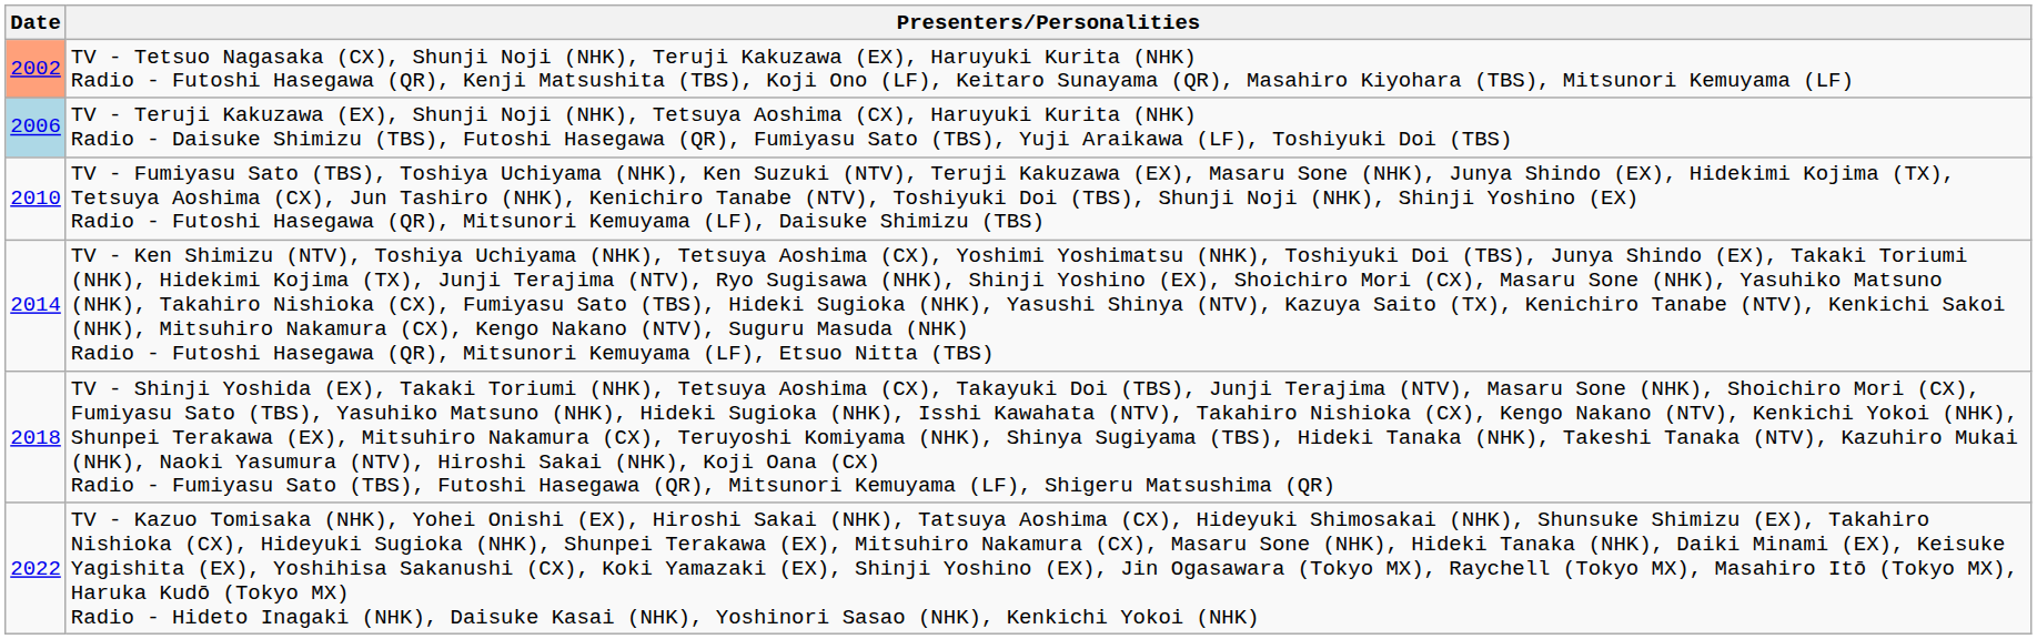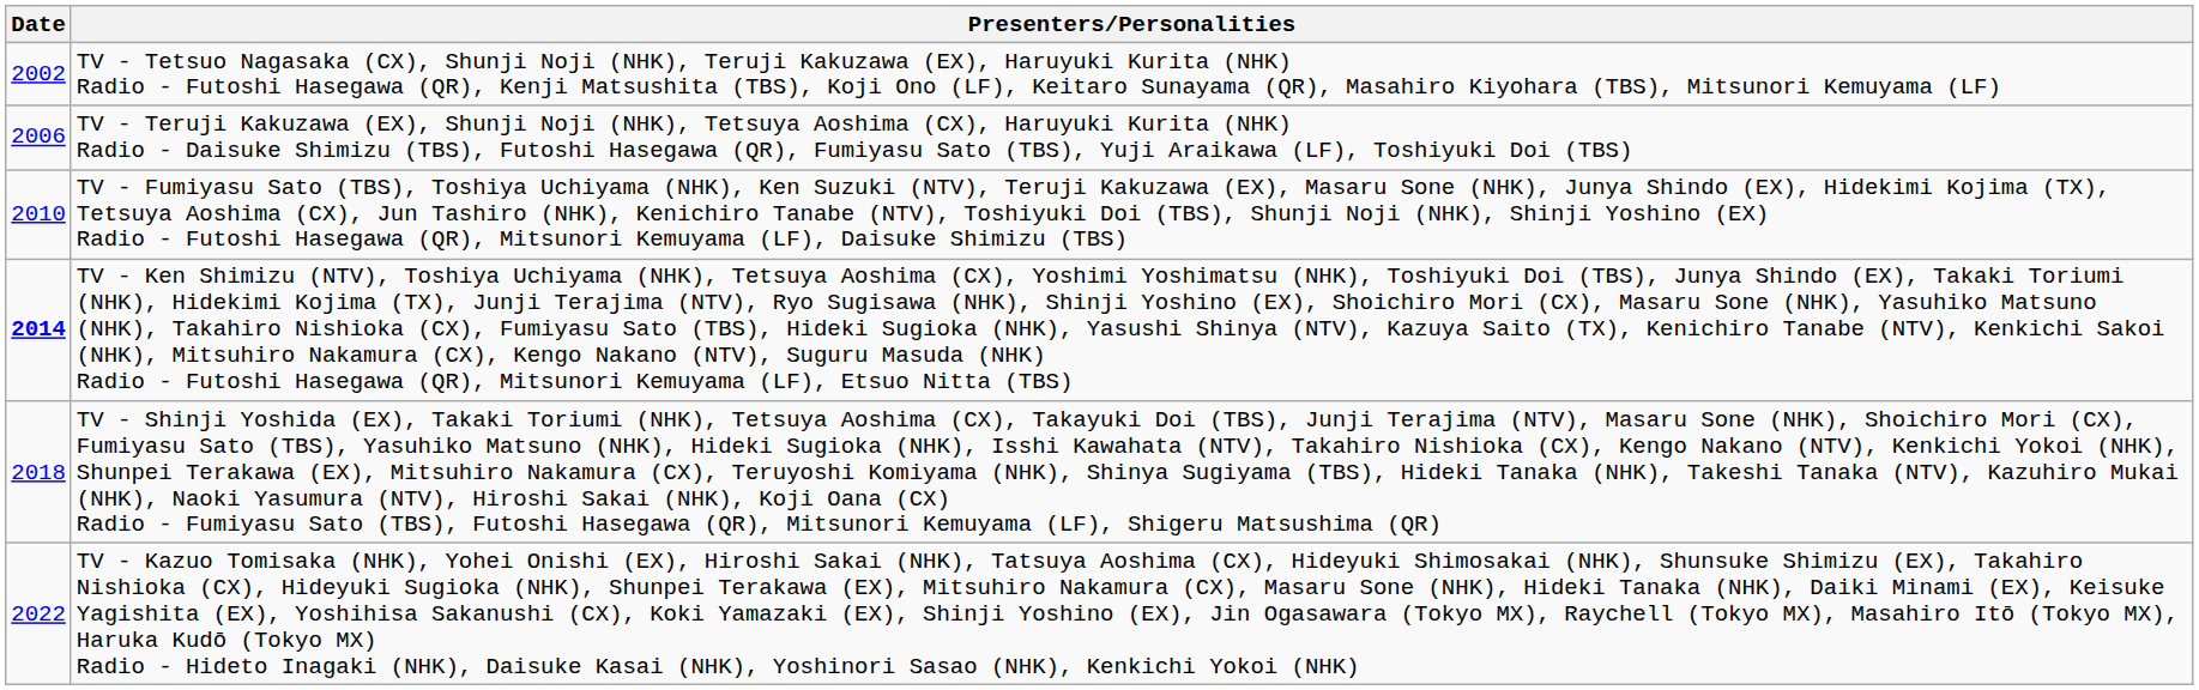 <table class="wikitable">
 <tr>
 <th>Date</th>
 <th>Presenters/Personalities</th>
 </tr>
 <tr>
-<td style="background: lightsalmon;"><a href='#'>2002</a></td>
+<td><a href='#'>2002</a></td>
 <td>TV - Tetsuo Nagasaka (CX), Shunji Noji (NHK), Teruji Kakuzawa (EX), Haruyuki Kurita (NHK)<br>Radio - Futoshi Hasegawa (QR), Kenji Matsushita (TBS), Koji Ono (LF), Keitaro Sunayama (QR), Masahiro Kiyohara (TBS), Mitsunori Kemuyama (LF)</td>
 </tr>
 <tr>
-<td style="background: lightblue;"><a href='#'>2006</a></td>
+<td><a href='#'>2006</a></td>
 <td>TV - Teruji Kakuzawa (EX), Shunji Noji (NHK), Tetsuya Aoshima (CX), Haruyuki Kurita (NHK)<br>Radio - Daisuke Shimizu (TBS), Futoshi Hasegawa (QR), Fumiyasu Sato (TBS), Yuji Araikawa (LF), Toshiyuki Doi (TBS)</td>
 </tr>
 <tr>
 <td><a href='#'>2010</a></td>
 <td>TV - Fumiyasu Sato (TBS), Toshiya Uchiyama (NHK), Ken Suzuki (NTV), Teruji Kakuzawa (EX), Masaru Sone (NHK), Junya Shindo (EX), Hidekimi Kojima (TX), Tetsuya Aoshima (CX), Jun Tashiro (NHK), Kenichiro Tanabe (NTV), Toshiyuki Doi (TBS), Shunji Noji (NHK), Shinji Yoshino (EX)<br>Radio - Futoshi Hasegawa (QR), Mitsunori Kemuyama (LF), Daisuke Shimizu (TBS)</td>
 </tr>
 <tr>
-<td><a href='#'>2014</a></td>
+<td><strong><a href='#'>2014</a></strong></td>
 <td>TV - Ken Shimizu (NTV), Toshiya Uchiyama (NHK), Tetsuya Aoshima (CX), Yoshimi Yoshimatsu (NHK), Toshiyuki Doi (TBS), Junya Shindo (EX), Takaki Toriumi (NHK), Hidekimi Kojima (TX), Junji Terajima (NTV), Ryo Sugisawa (NHK), Shinji Yoshino (EX), Shoichiro Mori (CX), Masaru Sone (NHK), Yasuhiko Matsuno (NHK), Takahiro Nishioka (CX), Fumiyasu Sato (TBS), Hideki Sugioka (NHK), Yasushi Shinya (NTV), Kazuya Saito (TX), Kenichiro Tanabe (NTV), Kenkichi Sakoi (NHK), Mitsuhiro Nakamura (CX), Kengo Nakano (NTV), Suguru Masuda (NHK)<br>Radio - Futoshi Hasegawa (QR), Mitsunori Kemuyama (LF), Etsuo Nitta (TBS)</td>
 </tr>
 <tr>
 <td><a href='#'>2018</a></td>
 <td>TV - Shinji Yoshida (EX), Takaki Toriumi (NHK), Tetsuya Aoshima (CX), Takayuki Doi (TBS), Junji Terajima (NTV), Masaru Sone (NHK), Shoichiro Mori (CX), Fumiyasu Sato (TBS), Yasuhiko Matsuno (NHK), Hideki Sugioka (NHK), Isshi Kawahata (NTV), Takahiro Nishioka (CX), Kengo Nakano (NTV), Kenkichi Yokoi (NHK), Shunpei Terakawa (EX), Mitsuhiro Nakamura (CX), Teruyoshi Komiyama (NHK), Shinya Sugiyama (TBS), Hideki Tanaka (NHK), Takeshi Tanaka (NTV), Kazuhiro Mukai (NHK), Naoki Yasumura (NTV), Hiroshi Sakai (NHK), Koji Oana (CX)<br>Radio - Fumiyasu Sato (TBS), Futoshi Hasegawa (QR), Mitsunori Kemuyama (LF), Shigeru Matsushima (QR)</td>
 </tr>
 <tr>
 <td><a href='#'>2022</a></td>
 <td>TV - Kazuo Tomisaka (NHK), Yohei Onishi (EX), Hiroshi Sakai (NHK), Tatsuya Aoshima (CX), Hideyuki Shimosakai (NHK), Shunsuke Shimizu (EX), Takahiro Nishioka (CX), Hideyuki Sugioka (NHK), Shunpei Terakawa (EX), Mitsuhiro Nakamura (CX), Masaru Sone (NHK), Hideki Tanaka (NHK), Daiki Minami (EX), Keisuke Yagishita (EX), Yoshihisa Sakanushi (CX), Koki Yamazaki (EX), Shinji Yoshino (EX), Jin Ogasawara (Tokyo MX), Raychell (Tokyo MX), Masahiro Itō (Tokyo MX), Haruka Kudō (Tokyo MX)<br>Radio - Hideto Inagaki (NHK), Daisuke Kasai (NHK), Yoshinori Sasao (NHK), Kenkichi Yokoi (NHK)</td>
 </tr>
 </table>
